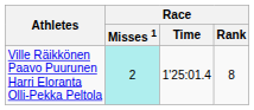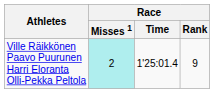 <table class="wikitable" style="font-size:90%">
 <tr>
 <th rowspan=2>Athletes</th>
 <th colspan=3>Race</th>
 </tr>
 <tr>
 <th>Misses <sup>1</sup></th>
 <th>Time</th>
 <th>Rank</th>
 </tr>
 <tr>
 <td><a href='#'>Ville Räikkönen</a><br><a href='#'>Paavo Puurunen</a><br><a href='#'>Harri Eloranta</a><br><a href='#'>Olli-Pekka Peltola</a></td>
 <td align=center style="background: paleturquoise;">2</td>
 <td align=center>1'25:01.4</td>
-<td align=center>8</td>
+<td align=center>9</td>
 </tr>
 </table>
